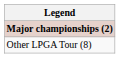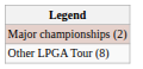 <table class="wikitable" style="font-size:95%;">
 <tr>
 <th>Legend</th>
 </tr>
 <tr style="background:#e5d1cb;">
-<td><strong>Major championships (2)</strong></td>
+<td>Major championships (2)</td>
 </tr>
 <tr>
 <td>Other LPGA Tour (8)</td>
 </tr>
 </table>
